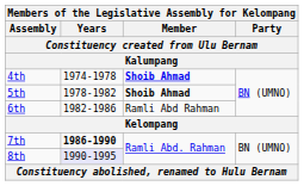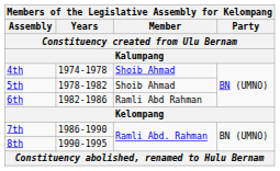 <table class=wikitable>
 <tr>
 <th colspan=4>Members of the Legislative Assembly for Kelompang</th>
 </tr>
 <tr>
 <th>Assembly</th>
 <th>Years</th>
 <th>Member</th>
 <th>Party</th>
 </tr>
 <tr>
 <th colspan=4 align=center><em>Constituency created from Ulu Bernam</em></th>
 </tr>
 <tr>
 <th colspan=4 align=center>Kalumpang</th>
 </tr>
 <tr>
 <td><a href='#'>4th</a></td>
 <td>1974-1978</td>
-<td><strong><a href='#'>Shoib Ahmad</a></strong></td>
+<td><a href='#'>Shoib Ahmad</a></td>
 <td rowspan=3><a href='#'>BN</a> (UMNO)</td>
 </tr>
 <tr>
 <td><a href='#'>5th</a></td>
 <td>1978-1982</td>
-<td><strong>Shoib Ahmad</strong></td>
+<td>Shoib Ahmad</td>
 </tr>
 <tr>
 <td><a href='#'>6th</a></td>
 <td>1982-1986</td>
 <td>Ramli Abd Rahman</td>
 </tr>
 <tr>
 <th colspan=4 align=center>Kelompang</th>
 </tr>
 <tr>
 <td><a href='#'>7th</a></td>
-<td><strong>1986-1990</strong></td>
+<td>1986-1990</td>
 <td rowspan=2><a href='#'>Ramli Abd. Rahman</a></td>
 <td rowspan=2>BN (UMNO)</td>
 </tr>
 <tr>
 <td><a href='#'>8th</a></td>
-<td style="background: lavender;">1990-1995</td>
+<td>1990-1995</td>
 </tr>
 <tr>
 <th colspan=4 align=center><em>Constituency abolished, renamed to Hulu Bernam</em></th>
 </tr>
 </table>
